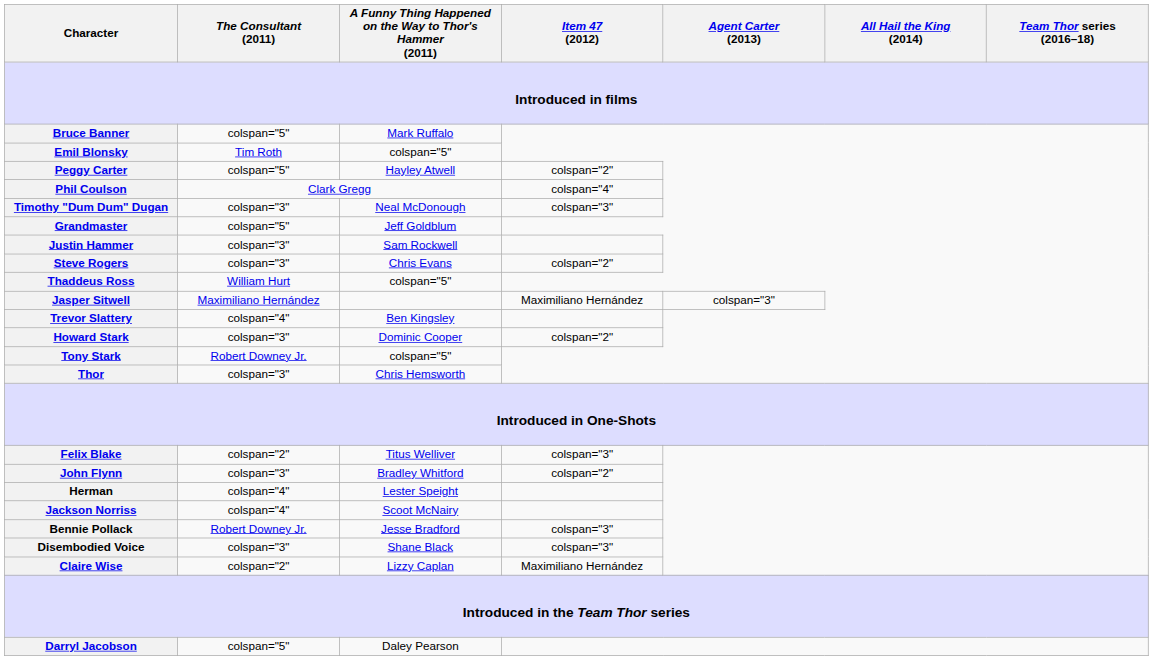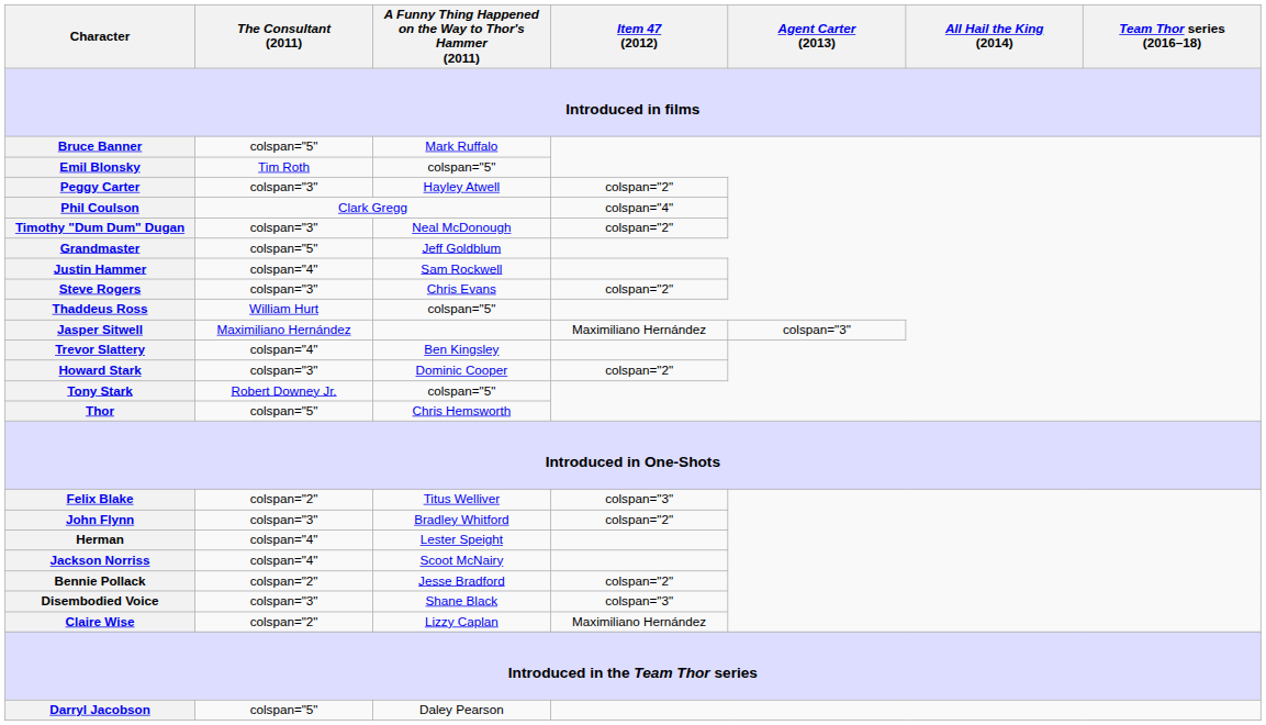 <table class="wikitable" style="text-align:center" width=99%>
 <tr>
 <th scope="col" width="15%">Character</th>
 <th scope="col" width="14%"><em>The Consultant</em><br>(2011)</th>
 <th scope="col" width="14%"><em>A Funny Thing Happened on the Way to Thor's Hammer</em><br>(2011)</th>
 <th scope="col" width="14%"><em><a href='#'>Item 47</a></em><br>(2012)</th>
 <th scope="col" width="14%"><em><a href='#'>Agent Carter</a></em><br>(2013)</th>
 <th scope="col" width="14%"><em><a href='#'>All Hail the King</a></em><br>(2014)</th>
 <th scope="col" width="14%"><em><a href='#'>Team Thor</a></em> series<br>(2016–18)</th>
 </tr>
 <tr>
 <th scope="row" colspan="7" style="background-color:#ddf;"><br><h3>Introduced in films</h3></th>
 </tr>
 <tr>
 <th scope="row"><a href='#'>Bruce Banner</a></th>
 <td>colspan="5" </td>
 <td><a href='#'>Mark Ruffalo</a></td>
 </tr>
 <tr>
 <th scope="row"><a href='#'>Emil Blonsky<br></a></th>
 <td><a href='#'>Tim Roth</a></td>
 <td>colspan="5" </td>
 </tr>
 <tr>
 <th scope="row"><a href='#'>Peggy Carter</a></th>
-<td>colspan="5" </td>
+<td>colspan="3" </td>
 <td><a href='#'>Hayley Atwell</a></td>
 <td>colspan="2" </td>
 </tr>
 <tr>
 <th scope="row"><a href='#'>Phil Coulson</a> </th>
 <td colspan="2"><a href='#'>Clark Gregg</a></td>
 <td>colspan="4" </td>
 </tr>
 <tr>
 <th scope="row"><a href='#'>Timothy "Dum Dum" Dugan</a></th>
 <td>colspan="3" </td>
 <td><a href='#'>Neal McDonough</a></td>
-<td>colspan="3" </td>
+<td>colspan="2" </td>
 </tr>
 <tr>
 <th scope="row"><a href='#'>Grandmaster</a></th>
 <td>colspan="5" </td>
 <td><a href='#'>Jeff Goldblum</a></td>
 </tr>
 <tr>
 <th scope="row"><a href='#'>Justin Hammer</a></th>
-<td>colspan="3" </td>
+<td>colspan="4" </td>
 <td><a href='#'>Sam Rockwell</a></td>
 <td></td>
 </tr>
 <tr>
 <th scope="row"><a href='#'>Steve Rogers<br></a></th>
 <td>colspan="3" </td>
 <td><a href='#'>Chris Evans</a></td>
 <td>colspan="2" </td>
 </tr>
 <tr>
 <th scope="row"><a href='#'>Thaddeus Ross</a></th>
 <td><a href='#'>William Hurt</a></td>
 <td>colspan="5" </td>
 </tr>
 <tr>
 <th scope="row"><a href='#'>Jasper Sitwell</a></th>
 <td><a href='#'>Maximiliano Hernández</a></td>
 <td></td>
 <td>Maximiliano Hernández</td>
 <td>colspan="3" </td>
 </tr>
 <tr>
 <th scope="row"><a href='#'>Trevor Slattery</a></th>
 <td>colspan="4" </td>
 <td><a href='#'>Ben Kingsley</a></td>
 <td></td>
 </tr>
 <tr>
 <th scope="row"><a href='#'>Howard Stark</a></th>
 <td>colspan="3" </td>
 <td><a href='#'>Dominic Cooper</a></td>
 <td>colspan="2" </td>
 </tr>
 <tr>
 <th scope="row"><a href='#'>Tony Stark</a></th>
 <td><a href='#'>Robert Downey Jr.</a></td>
 <td>colspan="5" </td>
 </tr>
 <tr>
 <th scope="row"><a href='#'>Thor</a></th>
-<td>colspan="3" </td>
+<td>colspan="5" </td>
 <td><a href='#'>Chris Hemsworth</a></td>
 </tr>
 <tr>
 <th scope="row" colspan="7" style="background-color:#ddf;"><br><h3>Introduced in One-Shots</h3></th>
 </tr>
 <tr>
 <th scope="row"><a href='#'>Felix Blake</a></th>
 <td>colspan="2" </td>
 <td><a href='#'>Titus Welliver</a></td>
 <td>colspan="3" </td>
 </tr>
 <tr>
 <th scope="row"><a href='#'>John Flynn</a></th>
 <td>colspan="3" </td>
 <td><a href='#'>Bradley Whitford</a></td>
 <td>colspan="2" </td>
 </tr>
 <tr>
 <th scope="row">Herman</th>
 <td>colspan="4" </td>
 <td><a href='#'>Lester Speight</a></td>
 <td></td>
 </tr>
 <tr>
 <th scope="row"><a href='#'>Jackson Norriss</a></th>
 <td>colspan="4" </td>
 <td><a href='#'>Scoot McNairy</a></td>
 <td></td>
 </tr>
 <tr>
 <th scope="row">Bennie Pollack</th>
-<td><a href='#'>Robert Downey Jr.</a></td>
+<td>colspan="2" </td>
 <td><a href='#'>Jesse Bradford</a></td>
-<td>colspan="3" </td>
+<td>colspan="2" </td>
 </tr>
 <tr>
 <th scope="row">Disembodied Voice</th>
 <td>colspan="3" </td>
 <td><a href='#'>Shane Black</a></td>
 <td>colspan="3" </td>
 </tr>
 <tr>
 <th scope="row"><a href='#'>Claire Wise</a></th>
 <td>colspan="2" </td>
 <td><a href='#'>Lizzy Caplan</a></td>
 <td>Maximiliano Hernández</td>
 </tr>
 <tr>
 <th scope="row" colspan="7" style="background-color:#ddf;"><br><h3>Introduced in the <em>Team Thor</em> series</h3></th>
 </tr>
 <tr>
 <th scope="row"><a href='#'>Darryl Jacobson</a></th>
 <td>colspan="5" </td>
 <td>Daley Pearson</td>
 </tr>
 </table>
